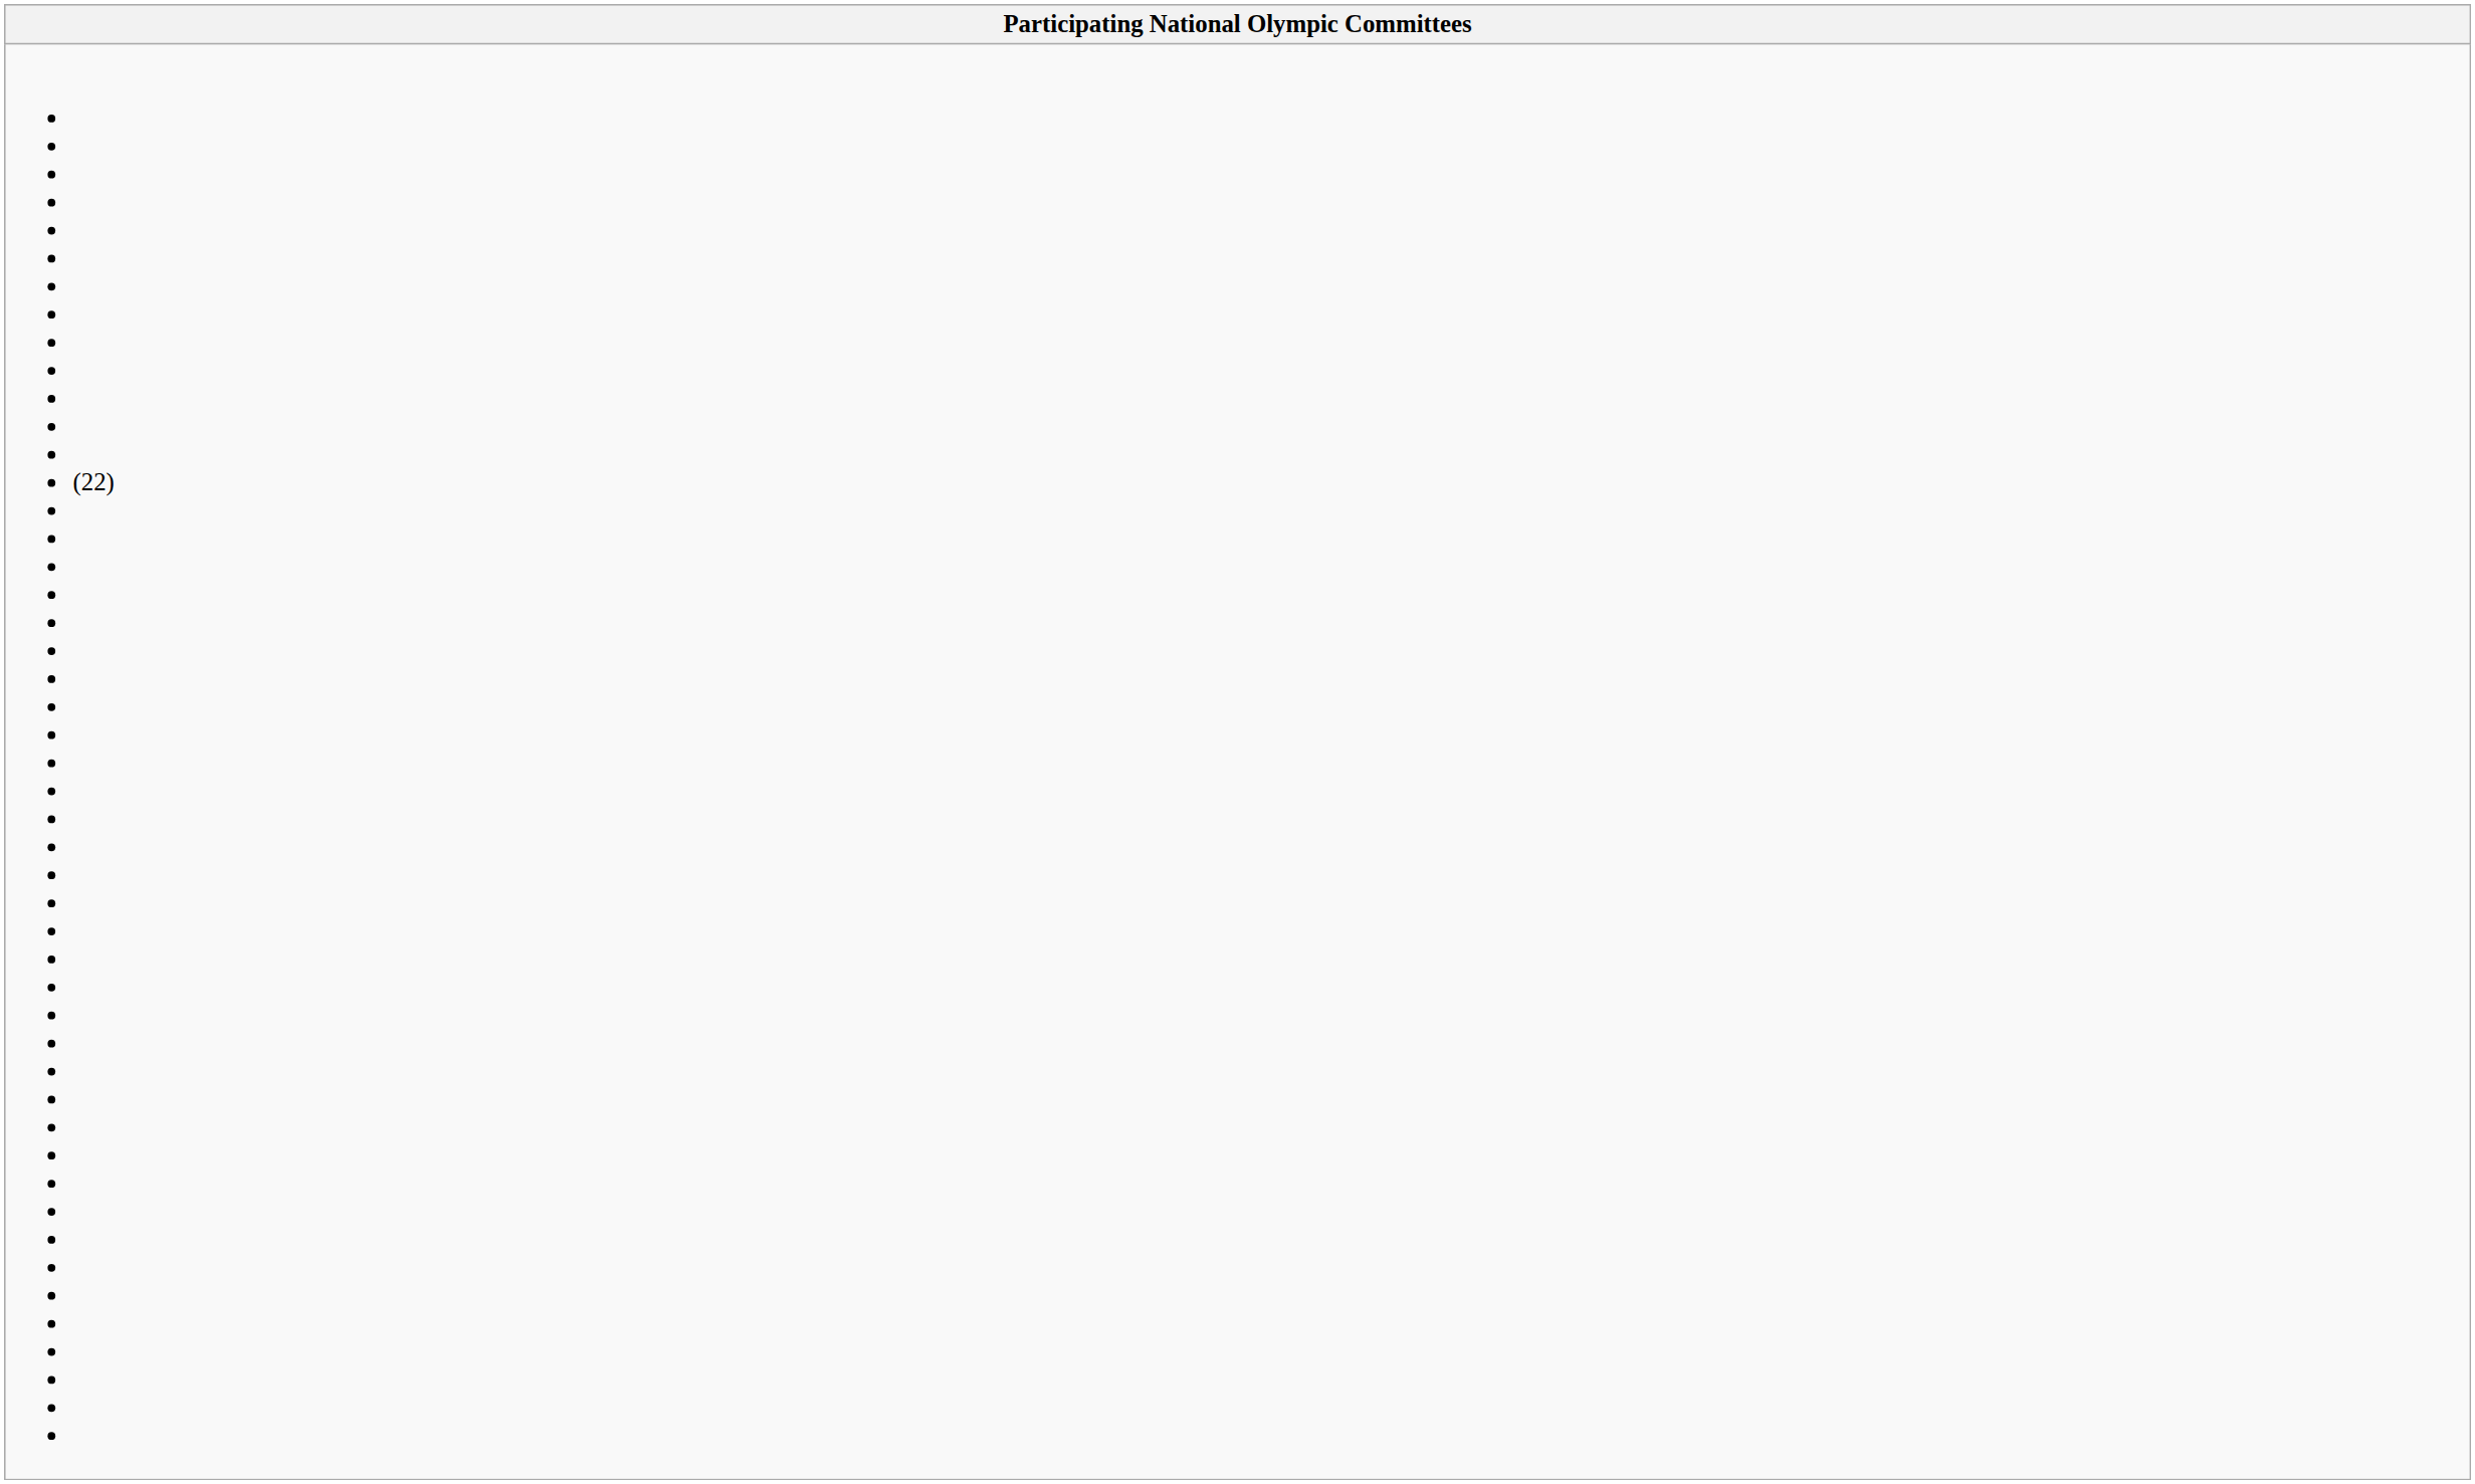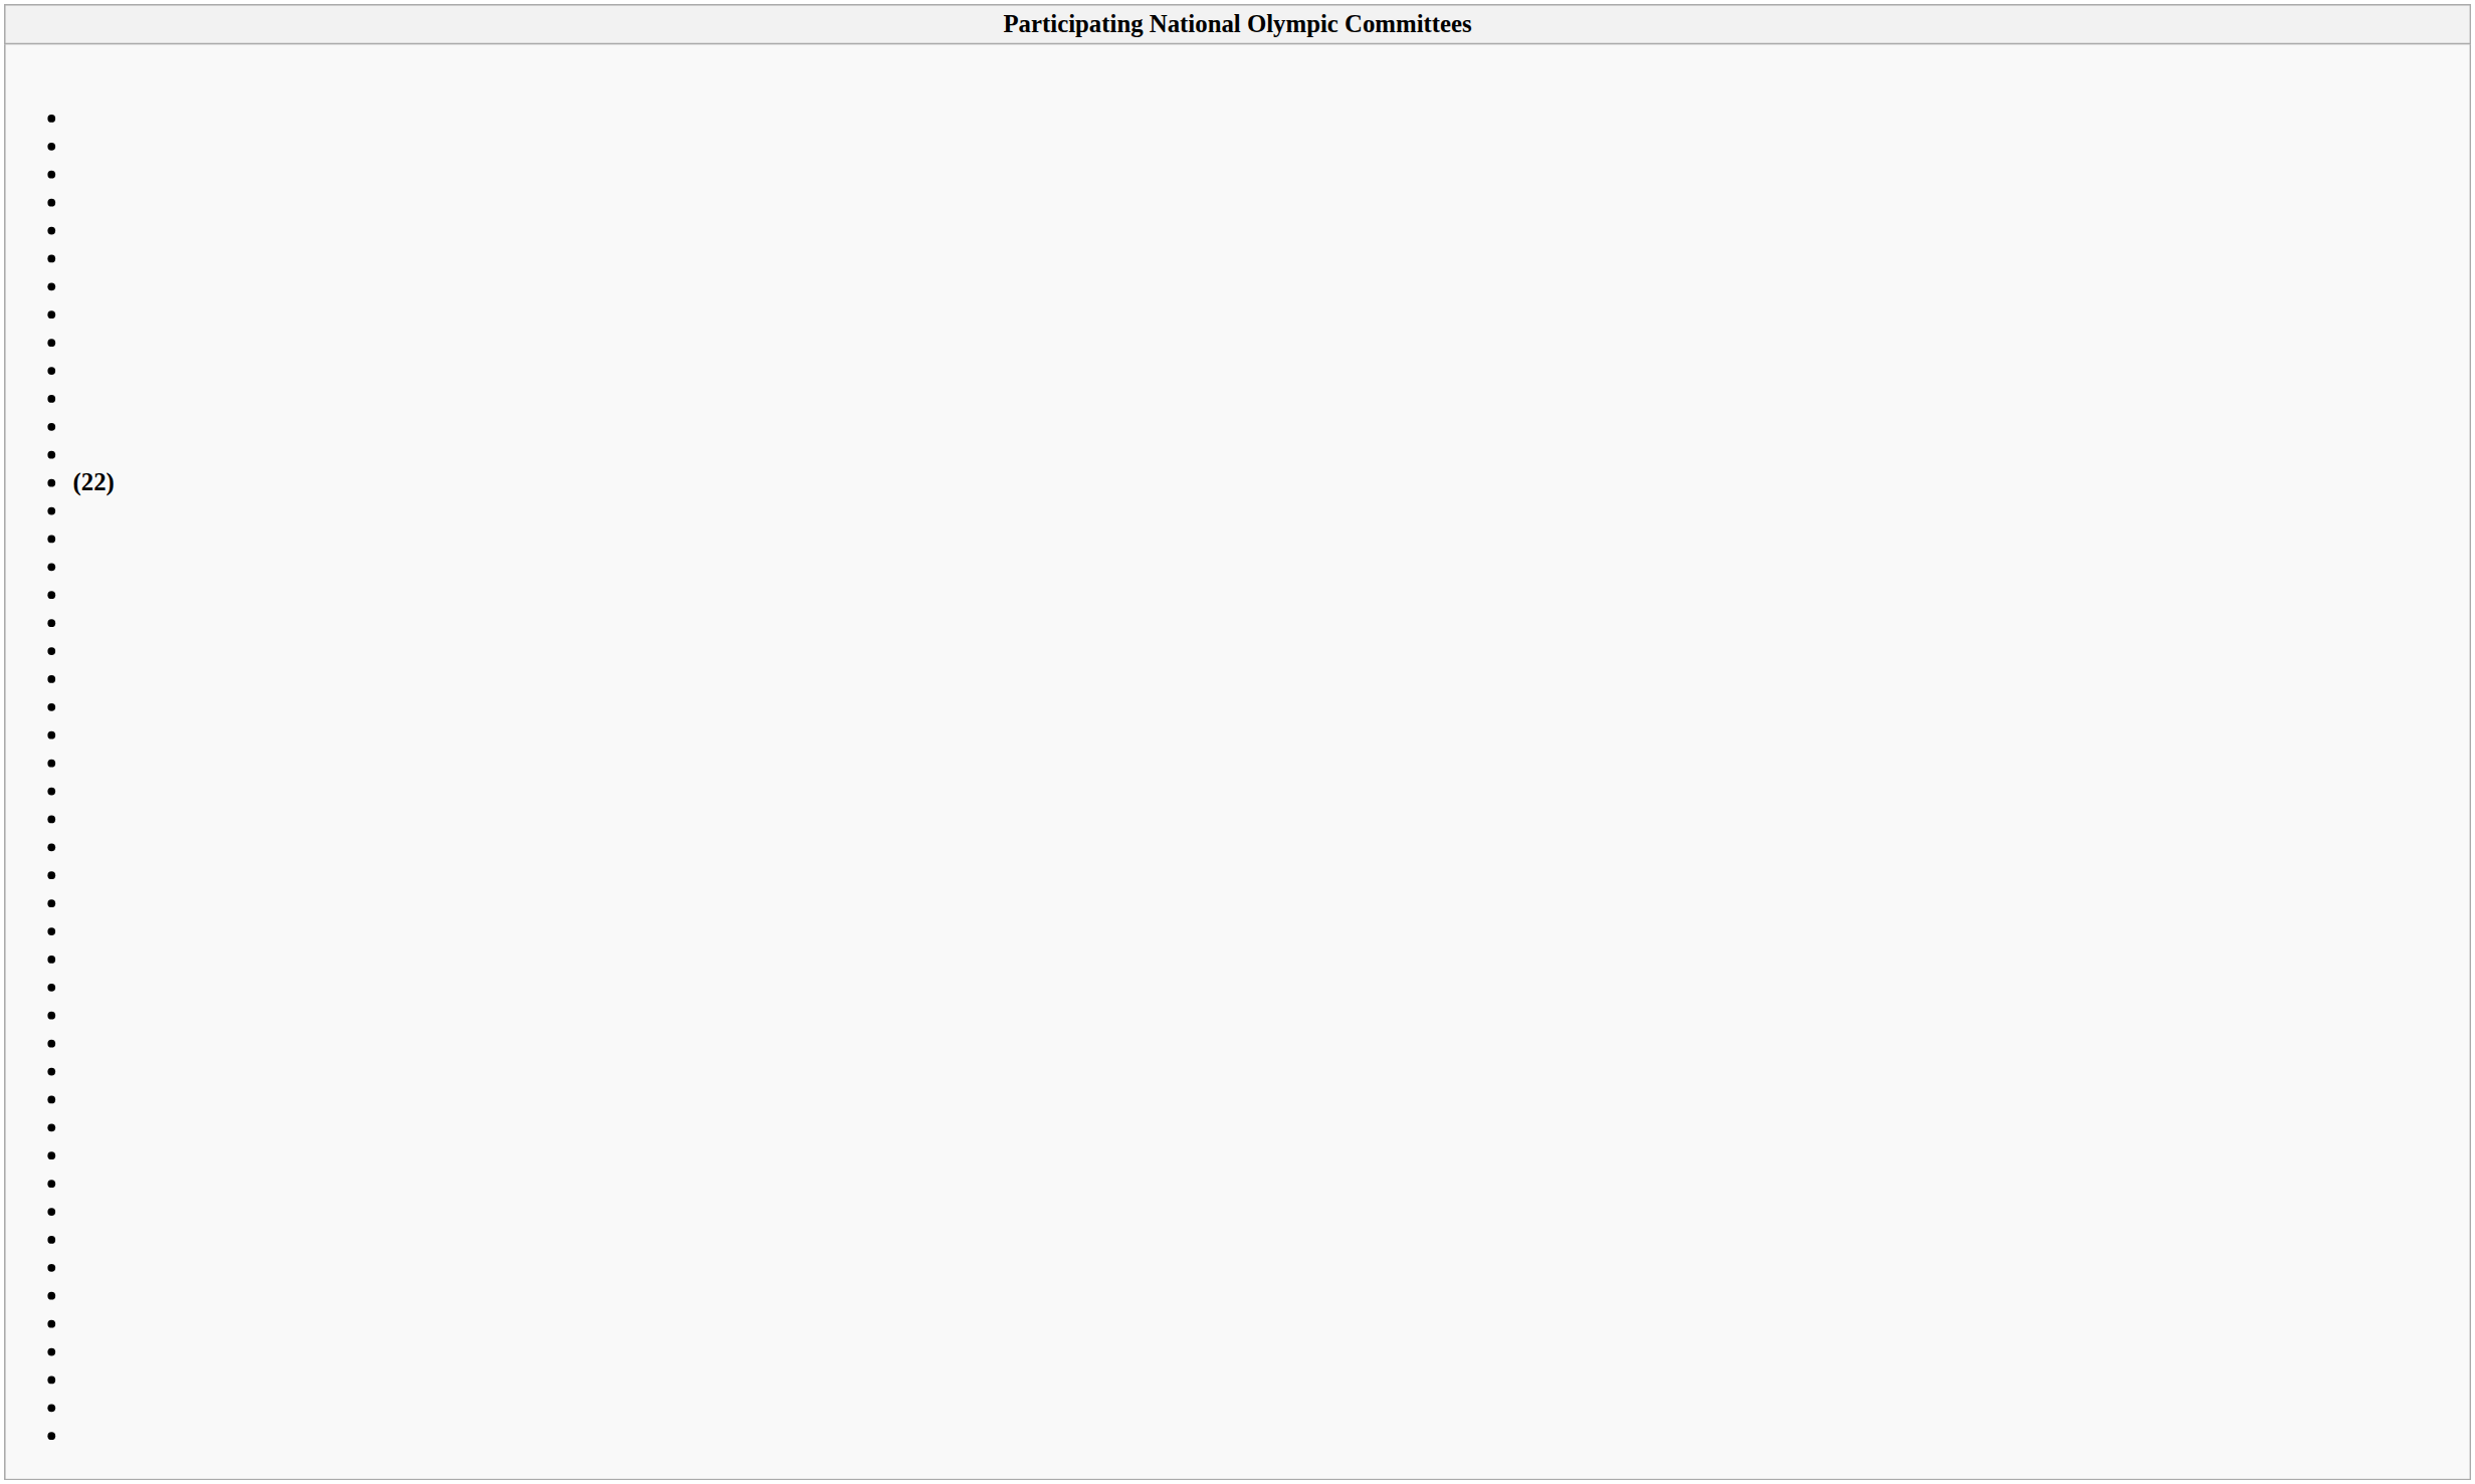 <table class="wikitable collapsible" style="width:100%;">
 <tr>
 <th>Participating National Olympic Committees</th>
 </tr>
 <tr>
-<td><br><ul><li></li><li></li><li></li><li></li><li></li><li></li><li></li><li></li><li></li><li></li><li></li><li></li><li></li><li> (22)</li><li></li><li></li><li></li><li></li><li></li><li></li><li></li><li></li><li></li><li></li><li></li><li></li><li></li><li></li><li></li><li></li><li></li><li></li><li></li><li></li><li></li><li></li><li></li><li></li><li></li><li></li><li></li><li></li><li></li><li></li><li></li><li></li><li></li><li></li></ul></td>
+<td><strong><br><ul><li></li><li></li><li></li><li></li><li></li><li></li><li></li><li></li><li></li><li></li><li></li><li></li><li></li><li> (22)</li><li></li><li></li><li></li><li></li><li></li><li></li><li></li><li></li><li></li><li></li><li></li><li></li><li></li><li></li><li></li><li></li><li></li><li></li><li></li><li></li><li></li><li></li><li></li><li></li><li></li><li></li><li></li><li></li><li></li><li></li><li></li><li></li><li></li><li></li></ul></strong></td>
 </tr>
 </table>
